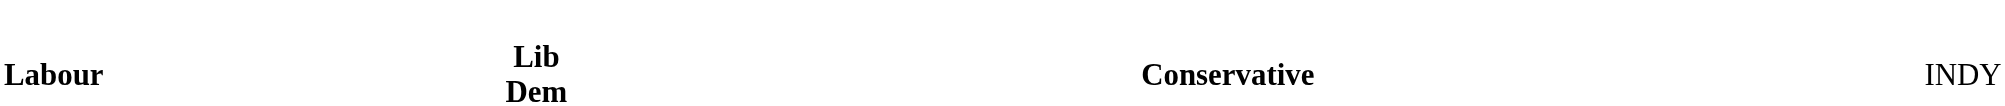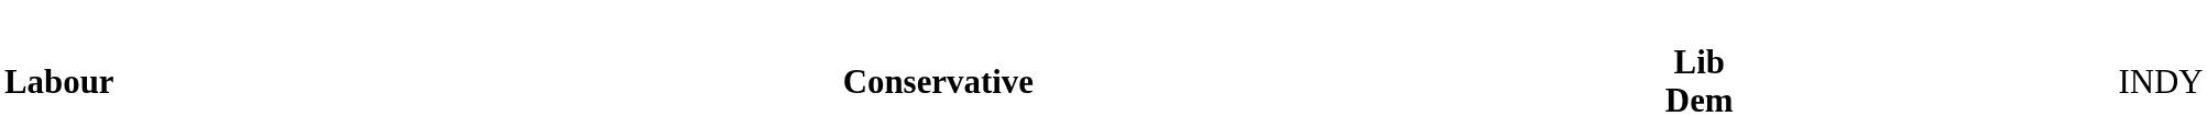 <table style="width:100%; text-align:center;">
 <tr style="color:white;">
 <td style="background:"><strong>43</strong></td>
+<td style="background:"><strong>19</strong></td>
 <td style="background:"><strong>12</strong></td>
-<td style="background:"><strong>19</strong></td>
 <td style="background:"><strong>1</strong></td>
 </tr>
 <tr>
 <td><span><strong>Labour</strong></span></td>
+<td><span><strong>Conservative</strong></span></td>
 <td><span><strong>Lib<br>Dem</strong></span></td>
-<td><span><strong>Conservative</strong></span></td>
 <td>INDY</td>
 </tr>
 </table>
